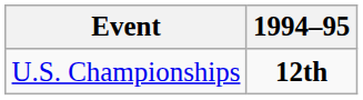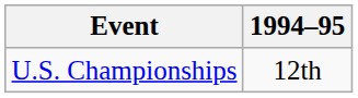 <table class="wikitable" style="text-align:center">
 <tr>
 <th>Event</th>
 <th>1994–95</th>
 </tr>
 <tr>
 <td align=left><a href='#'>U.S. Championships</a></td>
-<td><strong>12th</strong></td>
+<td>12th</td>
 </tr>
 </table>
